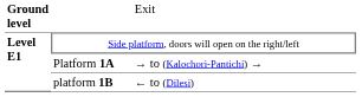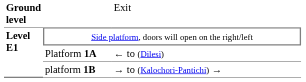 <table table border=0 cellspacing=0 cellpadding=3>
 <tr>
 <td style="border-bottom:solid 1px gray;" width=50 valign=top><strong>Ground level</strong></td>
 <td style="border-bottom:solid 1px gray;" width=100 valign=top></td>
 <td style="border-bottom:solid 1px gray;" width=285 valign=top>Exit</td>
 </tr>
 <tr>
 <td style="border-bottom:solid 2px gray;" rowspan=3 valign=top><strong>Level<br>Ε1</strong></td>
 <td style="border-top:solid 1px gray;border-right:solid 2px gray;border-left:solid 2px gray;border-bottom:solid 2px gray;text-align:center;" colspan=2><small><a href='#'>Side platform</a>, doors will open on the right/left</small></td>
 </tr>
 <tr>
 <td style="border-bottom:solid 1px gray;">Platform <strong>1Α</strong></td>
-<td style="border-bottom:solid 1px gray;"><span>→</span>  to  <small>(<a href='#'>Kalochori-Pantichi</a>)</small> →</td>
+<td style="border-bottom:solid 1px gray;">←  to  <small>(<a href='#'>Dilesi</a>)</small></td>
 </tr>
 <tr>
 <td style="border-bottom:solid 1px gray;">platform <strong>1Β</strong></td>
-<td style="border-bottom:solid 1px gray;">←  to  <small>(<a href='#'>Dilesi</a>)</small></td>
+<td style="border-bottom:solid 1px gray;"><span>→</span>  to  <small>(<a href='#'>Kalochori-Pantichi</a>)</small> →</td>
 </tr>
 </table>
